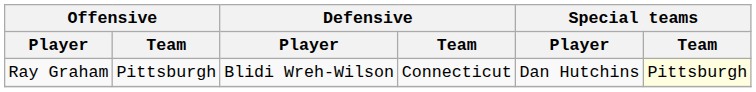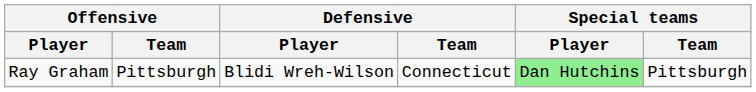 <table class="wikitable" border="1">
 <tr>
 <th colspan="2">Offensive</th>
 <th colspan="2">Defensive</th>
 <th colspan="2">Special teams</th>
 </tr>
 <tr>
 <th>Player</th>
 <th>Team</th>
 <th>Player</th>
 <th>Team</th>
 <th>Player</th>
 <th>Team</th>
 </tr>
 <tr>
 <td>Ray Graham</td>
 <td>Pittsburgh</td>
 <td>Blidi Wreh-Wilson</td>
 <td>Connecticut</td>
-<td>Dan Hutchins</td>
-<td style="background: lightyellow;">Pittsburgh</td>
+<td style="background: lightgreen;">Dan Hutchins</td>
+<td>Pittsburgh</td>
 </tr>
 <tr>
 </tr>
 </table>
